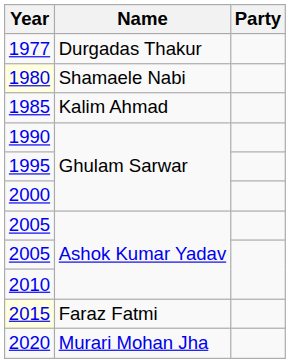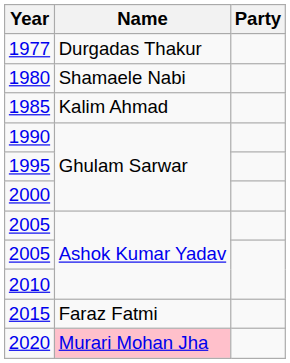 <table class="wikitable">
 <tr>
 <th>Year</th>
 <th>Name</th>
 <th colspan="2">Party</th>
 </tr>
 <tr>
 <td><a href='#'>1977</a></td>
 <td>Durgadas Thakur</td>
 <td></td>
 </tr>
 <tr>
-<td style="background: lightyellow;"><a href='#'>1980</a></td>
+<td><a href='#'>1980</a></td>
 <td>Shamaele Nabi</td>
 <td></td>
 </tr>
 <tr>
 <td><a href='#'>1985</a></td>
 <td>Kalim Ahmad</td>
 </tr>
 <tr>
 <td><a href='#'>1990</a></td>
 <td rowspan="3">Ghulam Sarwar</td>
 <td></td>
 </tr>
 <tr>
 <td><a href='#'>1995</a></td>
 </tr>
 <tr>
 <td><a href='#'>2000</a></td>
 <td></td>
 </tr>
 <tr>
 <td><a href='#'>2005</a></td>
 <td rowspan="3"><a href='#'>Ashok Kumar Yadav</a></td>
 <td></td>
 </tr>
 <tr>
 <td><a href='#'>2005</a></td>
 </tr>
 <tr>
 <td><a href='#'>2010</a></td>
 </tr>
 <tr>
-<td style="background: lightyellow;"><a href='#'>2015</a></td>
+<td><a href='#'>2015</a></td>
 <td>Faraz Fatmi</td>
 <td></td>
 </tr>
 <tr>
 <td><a href='#'>2020</a></td>
-<td><a href='#'>Murari Mohan Jha</a></td>
+<td style="background: pink;"><a href='#'>Murari Mohan Jha</a></td>
 <td></td>
 </tr>
 </table>
